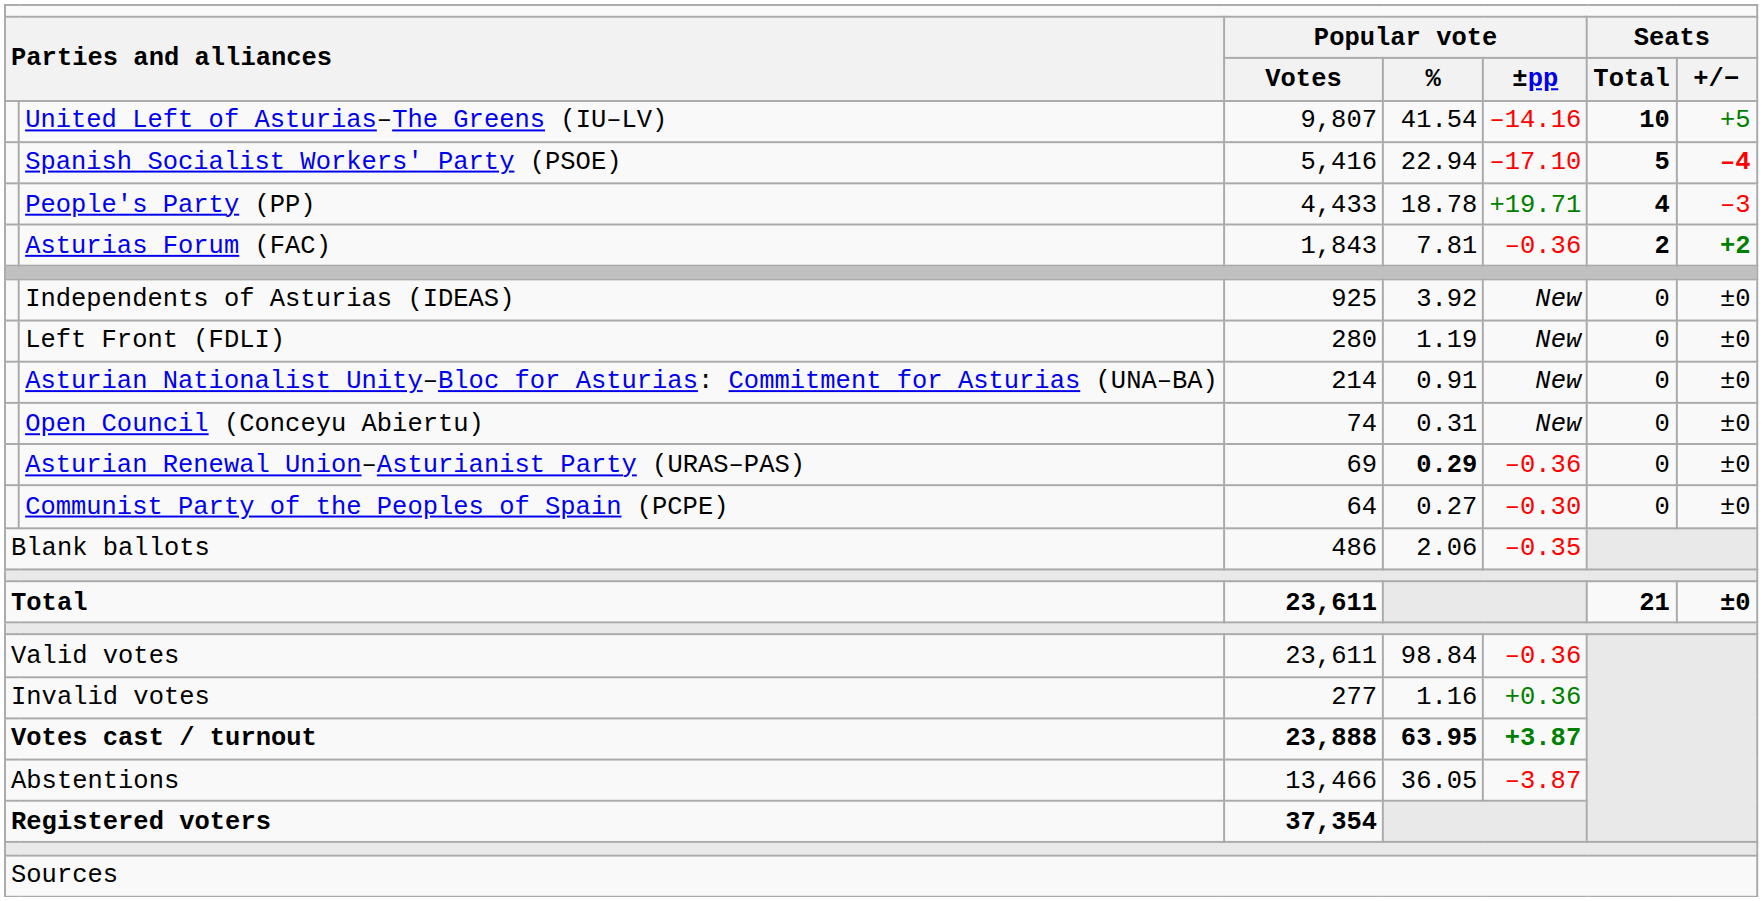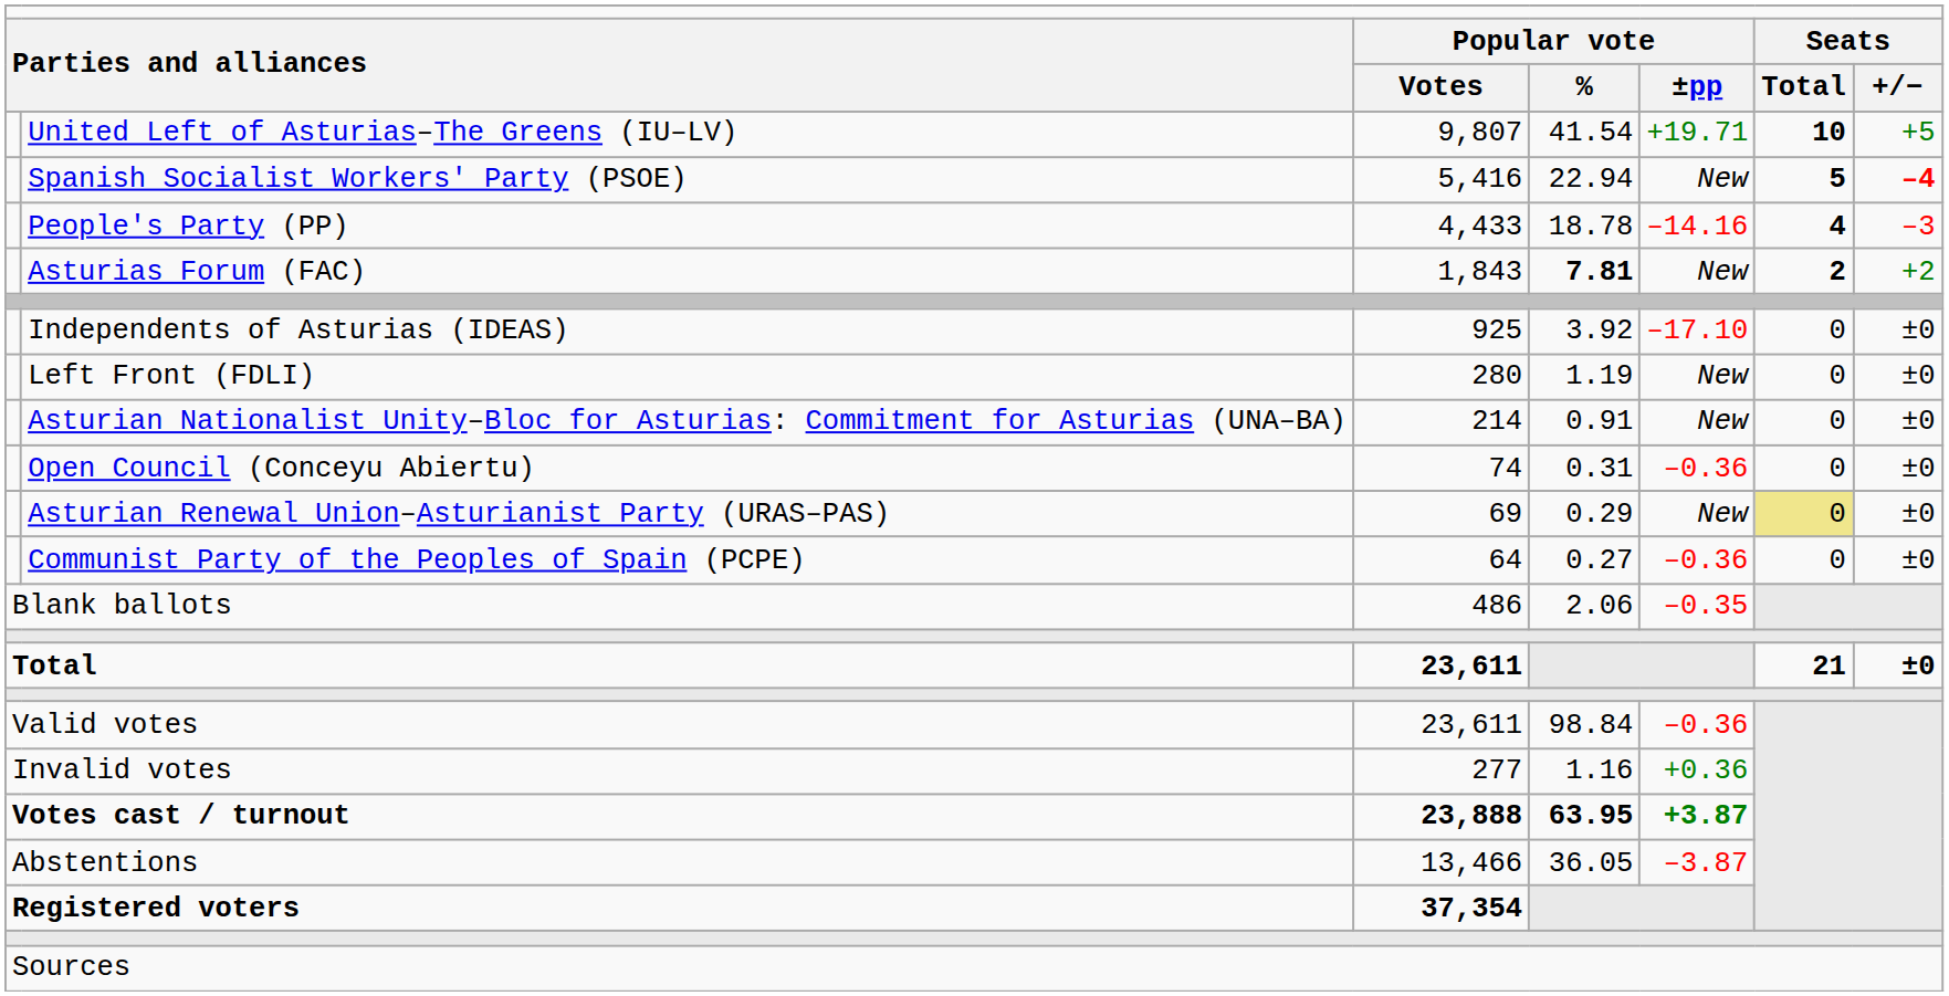 <table class="wikitable" style="text-align:right;">
 <tr>
 <td colspan="7"></td>
 </tr>
 <tr>
 <th style="text-align:left;" rowspan="2" colspan="2" width="525">Parties and alliances</th>
 <th colspan="3">Popular vote</th>
 <th colspan="2">Seats</th>
 </tr>
 <tr>
 <th width="75">Votes</th>
 <th width="45">%</th>
 <th width="45">±<a href='#'>pp</a></th>
 <th width="35">Total</th>
 <th width="35">+/−</th>
 </tr>
 <tr>
 <td width="1" style="color:inherit;background:"></td>
 <td align="left"><a href='#'>United Left of Asturias</a>–<a href='#'>The Greens</a> (IU–LV)</td>
 <td>9,807</td>
 <td>41.54</td>
-<td style="color:red;">–14.16</td>
+<td style="color:green;">+19.71</td>
 <td><strong>10</strong></td>
 <td style="color:green;">+5</td>
 </tr>
 <tr>
 <td style="color:inherit;background:"></td>
 <td align="left"><a href='#'>Spanish Socialist Workers' Party</a> (PSOE)</td>
 <td>5,416</td>
 <td>22.94</td>
-<td style="color:red;">–17.10</td>
+<td><em>New</em></td>
 <td><strong>5</strong></td>
 <td style="color:red;"><strong>–4</strong></td>
 </tr>
 <tr>
 <td style="color:inherit;background:"></td>
 <td align="left"><a href='#'>People's Party</a> (PP)</td>
 <td>4,433</td>
 <td>18.78</td>
-<td style="color:green;">+19.71</td>
+<td style="color:red;">–14.16</td>
 <td><strong>4</strong></td>
 <td style="color:red;">–3</td>
 </tr>
 <tr>
 <td style="color:inherit;background:"></td>
 <td align="left"><a href='#'>Asturias Forum</a> (FAC)</td>
 <td>1,843</td>
-<td>7.81</td>
-<td style="color:red;">–0.36</td>
+<td><strong>7.81</strong></td>
+<td><em>New</em></td>
 <td><strong>2</strong></td>
-<td style="color:green;"><strong>+2</strong></td>
+<td style="color:green;">+2</td>
 </tr>
 <tr>
 <td colspan="7" bgcolor="#C0C0C0"></td>
 </tr>
 <tr>
 <td style="color:inherit;background:"></td>
 <td align="left">Independents of Asturias (IDEAS)</td>
 <td>925</td>
 <td>3.92</td>
-<td><em>New</em></td>
+<td style="color:red;">–17.10</td>
 <td>0</td>
 <td>±0</td>
 </tr>
 <tr>
 <td style="color:inherit;background:"></td>
 <td align="left">Left Front (FDLI)</td>
 <td>280</td>
 <td>1.19</td>
 <td><em>New</em></td>
 <td>0</td>
 <td>±0</td>
 </tr>
 <tr>
 <td style="color:inherit;background:"></td>
 <td align="left"><a href='#'>Asturian Nationalist Unity</a>–<a href='#'>Bloc for Asturias</a>: <a href='#'>Commitment for Asturias</a> (UNA–BA)</td>
 <td>214</td>
 <td>0.91</td>
 <td><em>New</em></td>
 <td>0</td>
 <td>±0</td>
 </tr>
 <tr>
 <td style="color:inherit;background:"></td>
 <td align="left"><a href='#'>Open Council</a> (Conceyu Abiertu)</td>
 <td>74</td>
 <td>0.31</td>
-<td><em>New</em></td>
+<td style="color:red;">–0.36</td>
 <td>0</td>
 <td>±0</td>
 </tr>
 <tr>
 <td style="color:inherit;background:"></td>
 <td align="left"><a href='#'>Asturian Renewal Union</a>–<a href='#'>Asturianist Party</a> (URAS–PAS)</td>
 <td>69</td>
-<td><strong>0.29</strong></td>
-<td style="color:red;">–0.36</td>
-<td>0</td>
+<td>0.29</td>
+<td><em>New</em></td>
+<td style="background: khaki;">0</td>
 <td>±0</td>
 </tr>
 <tr>
 <td style="color:inherit;background:"></td>
 <td align="left"><a href='#'>Communist Party of the Peoples of Spain</a> (PCPE)</td>
 <td>64</td>
 <td>0.27</td>
-<td style="color:red;">–0.30</td>
+<td style="color:red;">–0.36</td>
 <td>0</td>
 <td>±0</td>
 </tr>
 <tr>
 <td align="left" colspan="2">Blank ballots</td>
 <td>486</td>
 <td>2.06</td>
 <td style="color:red;">–0.35</td>
 <td bgcolor="#E9E9E9" colspan="2"></td>
 </tr>
 <tr>
 <td colspan="7" bgcolor="#E9E9E9"></td>
 </tr>
 <tr style="font-weight:bold;">
 <td align="left" colspan="2">Total</td>
 <td>23,611</td>
 <td bgcolor="#E9E9E9" colspan="2"></td>
 <td>21</td>
 <td>±0</td>
 </tr>
 <tr>
 <td colspan="7" bgcolor="#E9E9E9"></td>
 </tr>
 <tr>
 <td align="left" colspan="2">Valid votes</td>
 <td>23,611</td>
 <td>98.84</td>
 <td style="color:red;">–0.36</td>
 <td bgcolor="#E9E9E9" colspan="2" rowspan="5"></td>
 </tr>
 <tr>
 <td align="left" colspan="2">Invalid votes</td>
 <td>277</td>
 <td>1.16</td>
 <td style="color:green;">+0.36</td>
 </tr>
 <tr style="font-weight:bold;">
 <td align="left" colspan="2">Votes cast / turnout</td>
 <td>23,888</td>
 <td>63.95</td>
 <td style="color:green;">+3.87</td>
 </tr>
 <tr>
 <td align="left" colspan="2">Abstentions</td>
 <td>13,466</td>
 <td>36.05</td>
 <td style="color:red;">–3.87</td>
 </tr>
 <tr style="font-weight:bold;">
 <td align="left" colspan="2">Registered voters</td>
 <td>37,354</td>
 <td bgcolor="#E9E9E9" colspan="2"></td>
 </tr>
 <tr>
 <td colspan="7" bgcolor="#E9E9E9"></td>
 </tr>
 <tr>
 <td align="left" colspan="7">Sources</td>
 </tr>
 </table>
